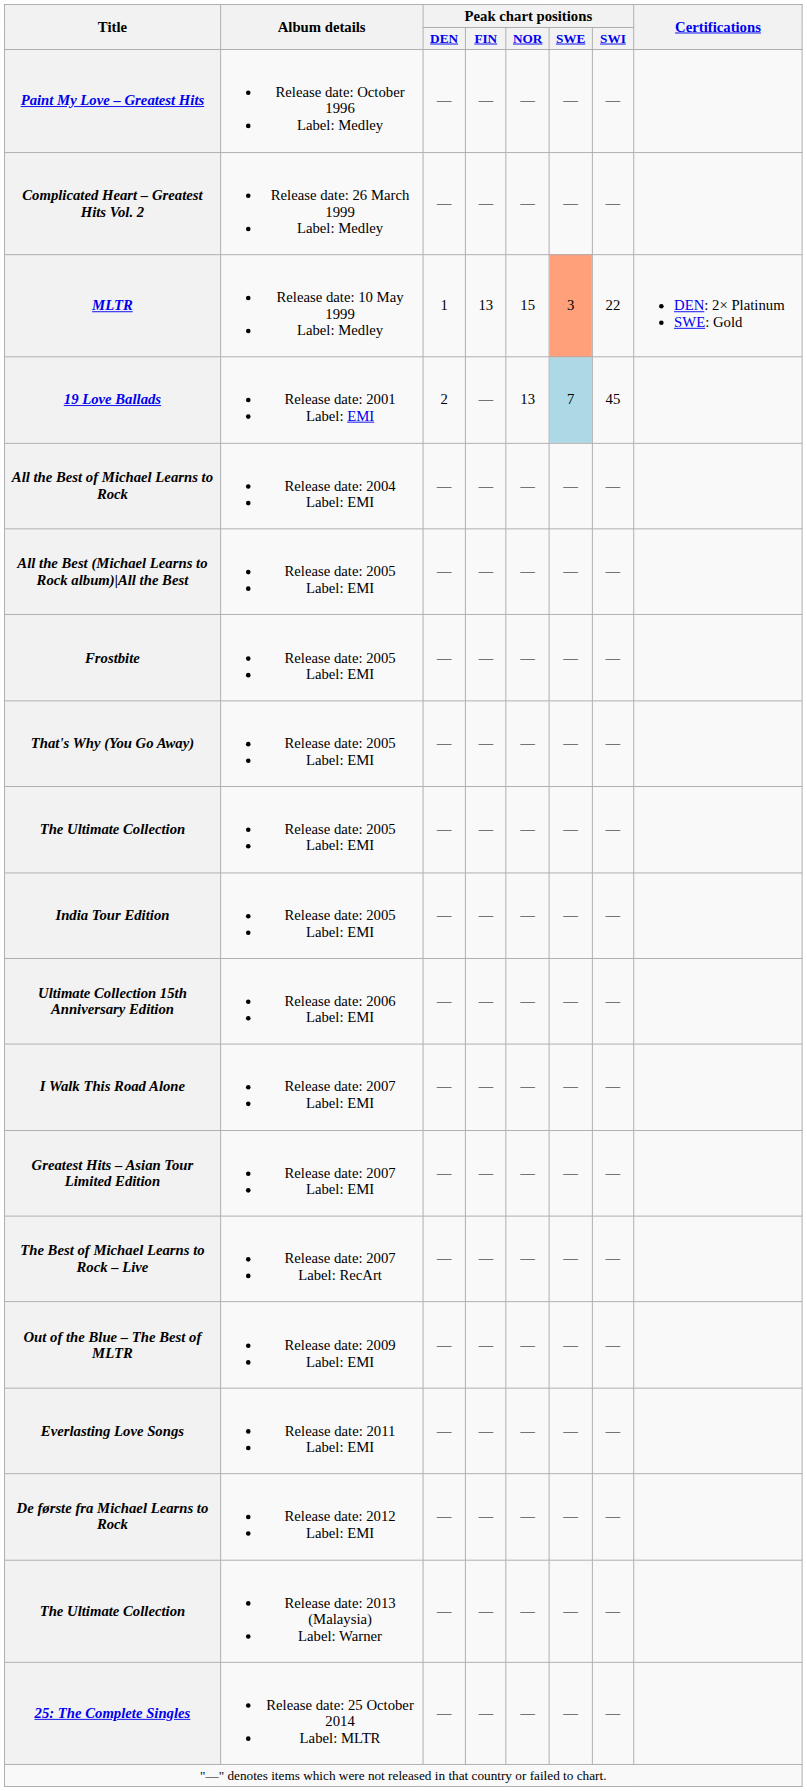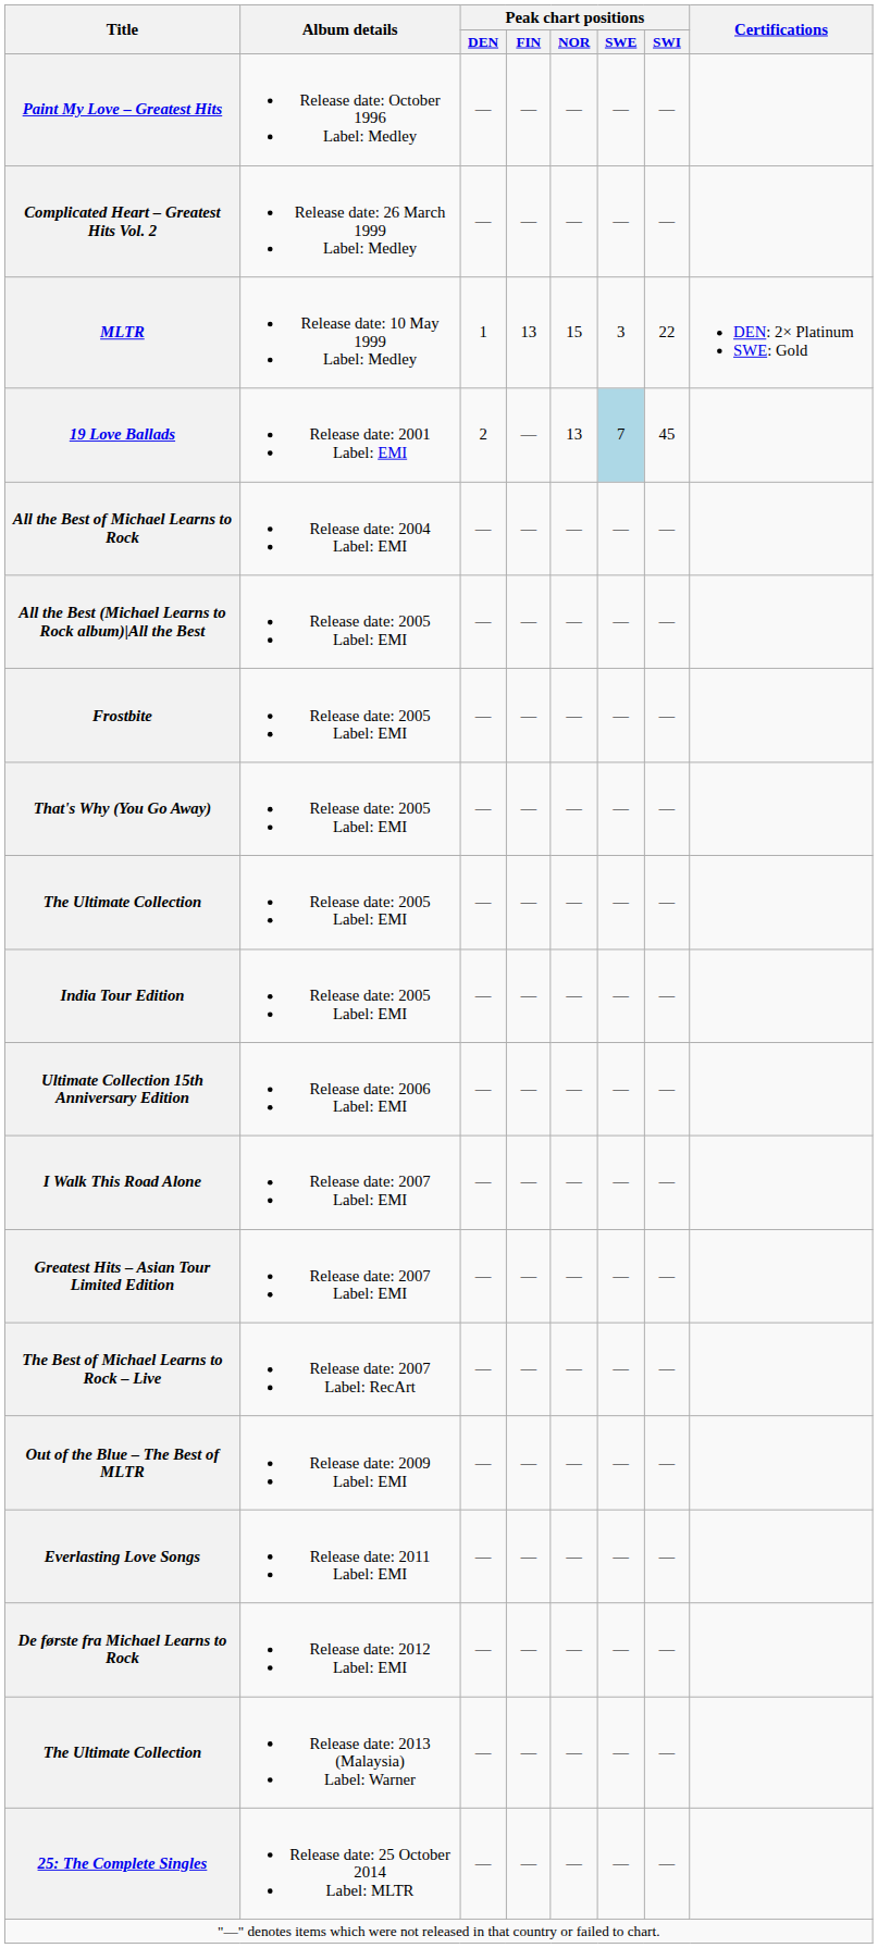 <table class="wikitable plainrowheaders" style="text-align:center;" border="1">
 <tr>
 <th rowspan="2" style="width:18em;">Title</th>
 <th scope="col" rowspan="2" style="width:16em;">Album details<br></th>
 <th colspan="5">Peak chart positions</th>
 <th scope="col" rowspan="2" style="width:13em;"><a href='#'>Certifications</a></th>
 </tr>
 <tr>
 <th scope="col" style="width:3em;font-size:90%;"><a href='#'>DEN</a><br></th>
 <th scope="col" style="width:3em;font-size:90%;"><a href='#'>FIN</a><br></th>
 <th scope="col" style="width:3em;font-size:90%;"><a href='#'>NOR</a><br></th>
 <th scope="col" style="width:3em;font-size:90%;"><a href='#'>SWE</a><br></th>
 <th scope="col" style="width:3em;font-size:90%;"><a href='#'>SWI</a><br></th>
 </tr>
 <tr>
 <th scope="row"><em><a href='#'>Paint My Love – Greatest Hits</a></em></th>
 <td><br><ul><li>Release date: October 1996</li><li>Label: Medley</li></ul></td>
 <td>—</td>
 <td>—</td>
 <td>—</td>
 <td>—</td>
 <td>—</td>
 <td align="left"></td>
 </tr>
 <tr>
 <th scope="row"><em>Complicated Heart – Greatest Hits Vol. 2</em></th>
 <td><br><ul><li>Release date: 26 March 1999</li><li>Label: Medley</li></ul></td>
 <td>—</td>
 <td>—</td>
 <td>—</td>
 <td>—</td>
 <td>—</td>
 <td align="left"></td>
 </tr>
 <tr>
 <th scope="row"><em><a href='#'>MLTR</a></em></th>
 <td><br><ul><li>Release date: 10 May 1999</li><li>Label: Medley</li></ul></td>
 <td>1</td>
 <td>13</td>
 <td>15</td>
-<td style="background: lightsalmon;">3</td>
+<td>3</td>
 <td>22</td>
 <td align="left"><br><ul><li><a href='#'>DEN</a>: 2× Platinum</li><li><a href='#'>SWE</a>: Gold</li></ul></td>
 </tr>
 <tr>
 <th scope="row"><em><a href='#'>19 Love Ballads</a></em></th>
 <td><br><ul><li>Release date: 2001</li><li>Label: <a href='#'>EMI</a></li></ul></td>
 <td>2</td>
 <td>—</td>
 <td>13</td>
 <td style="background: lightblue;">7</td>
 <td>45</td>
 <td align="left"></td>
 </tr>
 <tr>
 <th scope="row"><em>All the Best of Michael Learns to Rock</em></th>
 <td><br><ul><li>Release date: 2004</li><li>Label: EMI</li></ul></td>
 <td>—</td>
 <td>—</td>
 <td>—</td>
 <td>—</td>
 <td>—</td>
 <td align="left"></td>
 </tr>
 <tr>
 <th scope="row"><em>All the Best (Michael Learns to Rock album)|All the Best</em></th>
 <td><br><ul><li>Release date: 2005</li><li>Label: EMI</li></ul></td>
 <td>—</td>
 <td>—</td>
 <td>—</td>
 <td>—</td>
 <td>—</td>
 <td align="left"></td>
 </tr>
 <tr>
 <th scope="row"><em>Frostbite</em></th>
 <td><br><ul><li>Release date: 2005</li><li>Label: EMI</li></ul></td>
 <td>—</td>
 <td>—</td>
 <td>—</td>
 <td>—</td>
 <td>—</td>
 <td align="left"></td>
 </tr>
 <tr>
 <th scope="row"><em>That's Why (You Go Away)</em></th>
 <td><br><ul><li>Release date: 2005</li><li>Label: EMI</li></ul></td>
 <td>—</td>
 <td>—</td>
 <td>—</td>
 <td>—</td>
 <td>—</td>
 <td align="left"></td>
 </tr>
 <tr>
 <th scope="row"><em>The Ultimate Collection</em></th>
 <td><br><ul><li>Release date: 2005</li><li>Label: EMI</li></ul></td>
 <td>—</td>
 <td>—</td>
 <td>—</td>
 <td>—</td>
 <td>—</td>
 <td align="left"></td>
 </tr>
 <tr>
 <th scope="row"><em>India Tour Edition</em></th>
 <td><br><ul><li>Release date: 2005</li><li>Label: EMI</li></ul></td>
 <td>—</td>
 <td>—</td>
 <td>—</td>
 <td>—</td>
 <td>—</td>
 <td align="left"></td>
 </tr>
 <tr>
 <th scope="row"><em>Ultimate Collection 15th Anniversary Edition</em></th>
 <td><br><ul><li>Release date: 2006</li><li>Label: EMI</li></ul></td>
 <td>—</td>
 <td>—</td>
 <td>—</td>
 <td>—</td>
 <td>—</td>
 <td align="left"></td>
 </tr>
 <tr>
 <th scope="row"><em>I Walk This Road Alone</em></th>
 <td><br><ul><li>Release date: 2007</li><li>Label: EMI</li></ul></td>
 <td>—</td>
 <td>—</td>
 <td>—</td>
 <td>—</td>
 <td>—</td>
 <td align="left"></td>
 </tr>
 <tr>
 <th scope="row"><em>Greatest Hits – Asian Tour Limited Edition</em></th>
 <td><br><ul><li>Release date: 2007</li><li>Label: EMI</li></ul></td>
 <td>—</td>
 <td>—</td>
 <td>—</td>
 <td>—</td>
 <td>—</td>
 <td align="left"></td>
 </tr>
 <tr>
 <th scope="row"><em>The Best of Michael Learns to Rock – Live</em></th>
 <td><br><ul><li>Release date: 2007</li><li>Label: RecArt</li></ul></td>
 <td>—</td>
 <td>—</td>
 <td>—</td>
 <td>—</td>
 <td>—</td>
 <td align="left"></td>
 </tr>
 <tr>
 <th scope="row"><em>Out of the Blue – The Best of MLTR</em></th>
 <td><br><ul><li>Release date: 2009</li><li>Label: EMI</li></ul></td>
 <td>—</td>
 <td>—</td>
 <td>—</td>
 <td>—</td>
 <td>—</td>
 <td align="left"></td>
 </tr>
 <tr>
 <th scope="row"><em>Everlasting Love Songs</em></th>
 <td><br><ul><li>Release date: 2011</li><li>Label: EMI</li></ul></td>
 <td>—</td>
 <td>—</td>
 <td>—</td>
 <td>—</td>
 <td>—</td>
 <td align="left"></td>
 </tr>
 <tr>
 <th scope="row"><em>De første fra Michael Learns to Rock</em></th>
 <td><br><ul><li>Release date: 2012</li><li>Label: EMI</li></ul></td>
 <td>—</td>
 <td>—</td>
 <td>—</td>
 <td>—</td>
 <td>—</td>
 <td align="left"></td>
 </tr>
 <tr>
 <th scope="row"><em>The Ultimate Collection</em></th>
 <td><br><ul><li>Release date: 2013 (Malaysia)</li><li>Label: Warner</li></ul></td>
 <td>—</td>
 <td>—</td>
 <td>—</td>
 <td>—</td>
 <td>—</td>
 <td align="left"></td>
 </tr>
 <tr>
 <th scope="row"><em><a href='#'>25: The Complete Singles</a></em></th>
 <td><br><ul><li>Release date: 25 October 2014</li><li>Label: MLTR</li></ul></td>
 <td>—</td>
 <td>—</td>
 <td>—</td>
 <td>—</td>
 <td>—</td>
 <td align="left"></td>
 </tr>
 <tr>
 <td colspan="11" style="font-size:90%;">"—" denotes items which were not released in that country or failed to chart.</td>
 </tr>
 </table>
